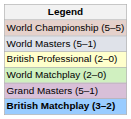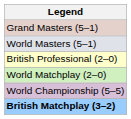 <table class="wikitable">
 <tr>
 <th>Legend</th>
 </tr>
 <tr style="background:#e5d1cb;">
-<td>World Championship (5–5)</td>
+<td>Grand Masters (5–1)</td>
 </tr>
 <tr style="background:#dfe2e9;">
 <td>World Masters (5–1)</td>
 </tr>
 <tr style="background:#ffc;">
 <td>British Professional (2–0)</td>
 </tr>
 <tr style="background:#d0f0c0;">
 <td>World Matchplay (2–0)</td>
 </tr>
 <tr style="background:thistle">
-<td>Grand Masters (5–1)</td>
+<td>World Championship (5–5)</td>
 </tr>
 <tr style="background:#9cf;">
 <td><strong>British Matchplay (3–2)</strong></td>
 </tr>
 </table>
